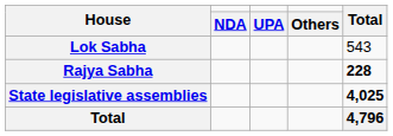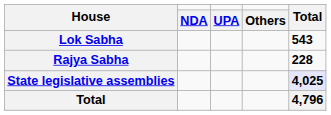 <table class="wikitable sortable">
 <tr>
 <th rowspan="2">House</th>
 <td></td>
 <td></td>
 <td></td>
 <th rowspan="2">Total</th>
 </tr>
 <tr>
 <th><a href='#'>NDA</a></th>
 <th><a href='#'>UPA</a></th>
 <th>Others</th>
 </tr>
 <tr>
 <th><a href='#'>Lok Sabha</a></th>
 <td></td>
 <td></td>
 <td></td>
-<td>543</td>
+<td><strong>543</strong></td>
 </tr>
 <tr>
 <th><a href='#'>Rajya Sabha</a></th>
 <td></td>
 <td></td>
 <td></td>
 <td><strong>228</strong> <br><em></em></td>
 </tr>
 <tr>
 <th><a href='#'>State legislative assemblies</a></th>
 <td></td>
 <td></td>
 <td></td>
-<td><strong>4,025</strong> <br><em></em></td>
+<td style="background: lavender;"><strong>4,025</strong> <br><em></em></td>
 </tr>
 <tr>
 <th>Total</th>
 <td></td>
 <td></td>
 <td></td>
 <th>4,796</th>
 </tr>
 </table>
